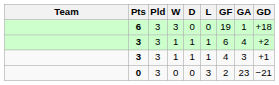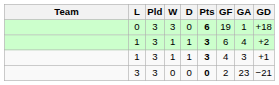 <table class=wikitable style=text-align:center>
 <tr>
 <th width=200>Team</th>
-<th width=20>Pts</th>
+<th width=20>L</th>
 <th width=20>Pld</th>
 <th width=20>W</th>
 <th width=20>D</th>
-<th width=20>L</th>
+<th width=20>Pts</th>
 <th width=20>GF</th>
 <th width=20>GA</th>
 <th width=20>GD</th>
 </tr>
 <tr style="background:#ccffcc;">
 <td align=left></td>
-<td><strong>6</strong></td>
+<td>0</td>
 <td>3</td>
 <td>3</td>
 <td>0</td>
-<td>0</td>
+<td><strong>6</strong></td>
 <td>19</td>
 <td>1</td>
 <td>+18</td>
 </tr>
 <tr style="background:#ccffcc;">
 <td align=left></td>
-<td><strong>3</strong></td>
+<td>1</td>
 <td>3</td>
 <td>1</td>
 <td>1</td>
-<td>1</td>
+<td><strong>3</strong></td>
 <td>6</td>
 <td>4</td>
 <td>+2</td>
 </tr>
 <tr>
 <td align=left></td>
-<td><strong>3</strong></td>
+<td>1</td>
 <td>3</td>
 <td>1</td>
 <td>1</td>
-<td>1</td>
+<td><strong>3</strong></td>
 <td>4</td>
 <td>3</td>
 <td>+1</td>
 </tr>
 <tr>
 <td align=left></td>
-<td><strong>0</strong></td>
+<td>3</td>
 <td>3</td>
 <td>0</td>
 <td>0</td>
-<td>3</td>
+<td><strong>0</strong></td>
 <td>2</td>
 <td>23</td>
 <td>−21</td>
 </tr>
 </table>
